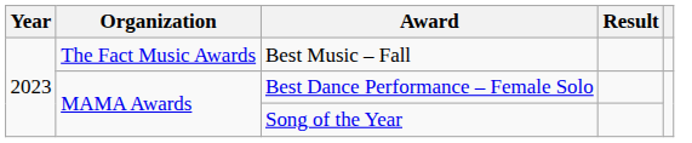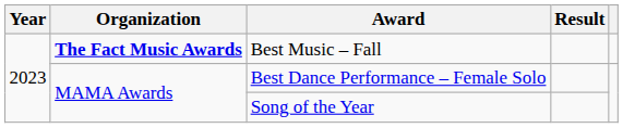 <table class="wikitable plainrowheaders">
 <tr align=center>
 <th scope="col">Year</th>
 <th scope="col">Organization</th>
 <th scope="col">Award</th>
 <th scope="col">Result</th>
 <th scope="col"></th>
 </tr>
 <tr>
 <td align="center" rowspan="3">2023</td>
-<td><a href='#'>The Fact Music Awards</a></td>
+<td><strong><a href='#'>The Fact Music Awards</a></strong></td>
 <td>Best Music – Fall</td>
 <td></td>
 <td style="text-align:center;"></td>
 </tr>
 <tr>
 <td rowspan="2"><a href='#'>MAMA Awards</a></td>
 <td><a href='#'>Best Dance Performance – Female Solo</a></td>
 <td></td>
 <td style="text-align:center" rowspan="2"></td>
 </tr>
 <tr>
 <td><a href='#'>Song of the Year</a></td>
 <td></td>
 </tr>
 </table>
